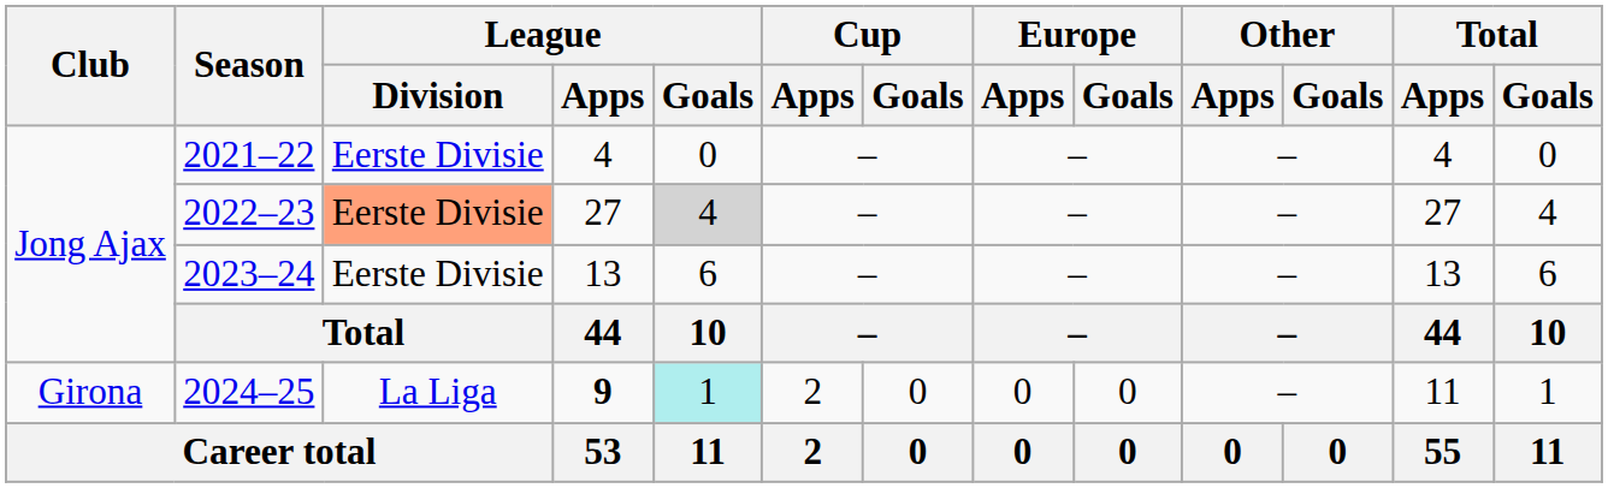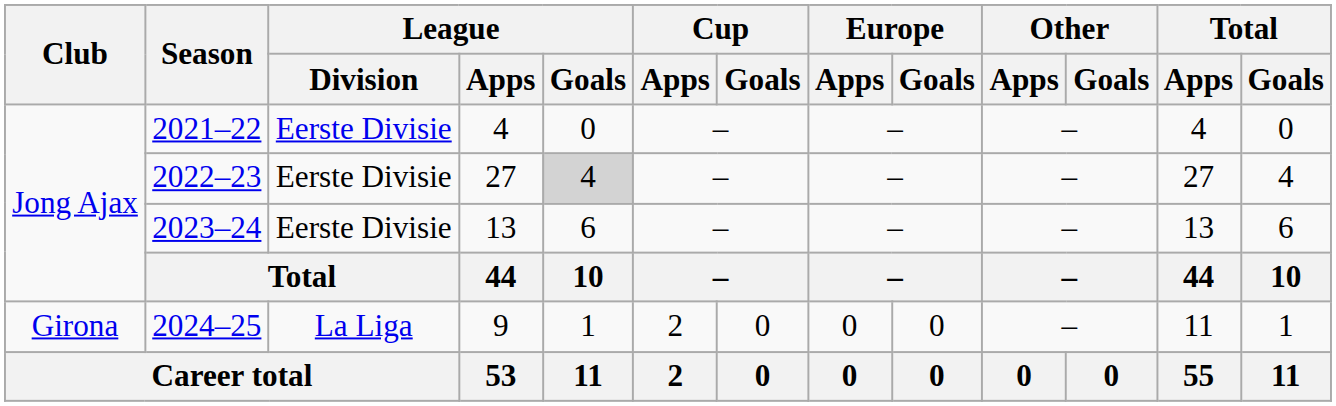 <table class="wikitable" style="text-align: center;">
 <tr>
 <th rowspan="2">Club</th>
 <th rowspan="2">Season</th>
 <th colspan="3">League</th>
 <th colspan="2">Cup</th>
 <th colspan="2">Europe</th>
 <th colspan="2">Other</th>
 <th colspan="2">Total</th>
 </tr>
 <tr>
 <th>Division</th>
 <th>Apps</th>
 <th>Goals</th>
 <th>Apps</th>
 <th>Goals</th>
 <th>Apps</th>
 <th>Goals</th>
 <th>Apps</th>
 <th>Goals</th>
 <th>Apps</th>
 <th>Goals</th>
 </tr>
 <tr>
 <td rowspan="4"><a href='#'>Jong Ajax</a></td>
 <td><a href='#'>2021–22</a></td>
 <td><a href='#'>Eerste Divisie</a></td>
 <td>4</td>
 <td>0</td>
 <td colspan="2">–</td>
 <td colspan="2">–</td>
 <td colspan="2">–</td>
 <td>4</td>
 <td>0</td>
 </tr>
 <tr>
 <td><a href='#'>2022–23</a></td>
-<td style="background: lightsalmon;">Eerste Divisie</td>
+<td>Eerste Divisie</td>
 <td>27</td>
 <td style="background: lightgrey;">4</td>
 <td colspan="2">–</td>
 <td colspan="2">–</td>
 <td colspan="2">–</td>
 <td>27</td>
 <td>4</td>
 </tr>
 <tr>
 <td><a href='#'>2023–24</a></td>
 <td>Eerste Divisie</td>
 <td>13</td>
 <td>6</td>
 <td colspan="2">–</td>
 <td colspan="2">–</td>
 <td colspan="2">–</td>
 <td>13</td>
 <td>6</td>
 </tr>
 <tr>
 <th colspan="2">Total</th>
 <th>44</th>
 <th>10</th>
 <th colspan="2">–</th>
 <th colspan="2">–</th>
 <th colspan="2">–</th>
 <th>44</th>
 <th>10</th>
 </tr>
 <tr>
 <td><a href='#'>Girona</a></td>
 <td><a href='#'>2024–25</a></td>
 <td><a href='#'>La Liga</a></td>
-<td><strong>9</strong></td>
-<td style="background: paleturquoise;">1</td>
+<td>9</td>
+<td>1</td>
 <td>2</td>
 <td>0</td>
 <td>0</td>
 <td>0</td>
 <td colspan="2">–</td>
 <td>11</td>
 <td>1</td>
 </tr>
 <tr>
 <th colspan="3">Career total</th>
 <th>53</th>
 <th>11</th>
 <th>2</th>
 <th>0</th>
 <th>0</th>
 <th>0</th>
 <th>0</th>
 <th>0</th>
 <th>55</th>
 <th>11</th>
 </tr>
 </table>
